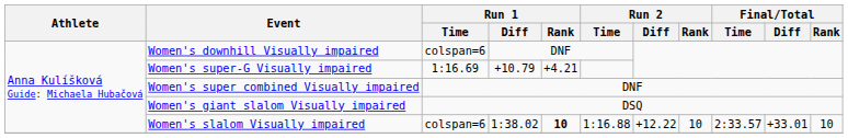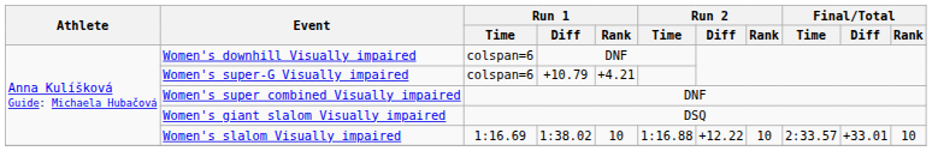 <table class="wikitable" style="font-size:100%">
 <tr>
 <th rowspan="2">Athlete</th>
 <th rowspan="2">Event</th>
 <th colspan="3">Run 1</th>
 <th colspan="3">Run 2</th>
 <th colspan="3">Final/Total</th>
 </tr>
 <tr>
 <th>Time</th>
 <th>Diff</th>
 <th>Rank</th>
 <th>Time</th>
 <th>Diff</th>
 <th>Rank</th>
 <th>Time</th>
 <th>Diff</th>
 <th>Rank</th>
 </tr>
 <tr>
 <td rowspan=5><a href='#'>Anna Kulíšková</a><br><small><a href='#'>Guide</a>: <a href='#'>Michaela Hubačová</a></small></td>
 <td><a href='#'>Women's downhill Visually impaired</a></td>
 <td>colspan=6 </td>
 <td align="center" colspan=3>DNF</td>
 </tr>
 <tr>
 <td><a href='#'>Women's super-G Visually impaired</a></td>
-<td align="center">1:16.69</td>
+<td>colspan=6 </td>
 <td align="center">+10.79</td>
 <td align="center">+4.21</td>
 <td align="center"></td>
 </tr>
 <tr>
 <td><a href='#'>Women's super combined Visually impaired</a></td>
 <td align="center" colspan=9>DNF</td>
 </tr>
 <tr>
 <td><a href='#'>Women's giant slalom Visually impaired</a></td>
 <td align="center" colspan=9>DSQ</td>
 </tr>
 <tr>
 <td><a href='#'>Women's slalom Visually impaired</a></td>
-<td>colspan=6 </td>
+<td align="center">1:16.69</td>
 <td align="center">1:38.02</td>
-<td align="center"><strong>10</strong></td>
+<td align="center">10</td>
 <td align="center">1:16.88</td>
 <td align="center">+12.22</td>
 <td align="center">10</td>
 <td align="center">2:33.57</td>
 <td align="center">+33.01</td>
 <td align="center">10</td>
 </tr>
 <tr>
 </tr>
 </table>
